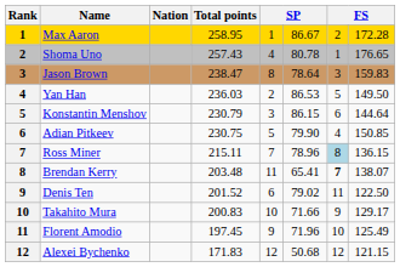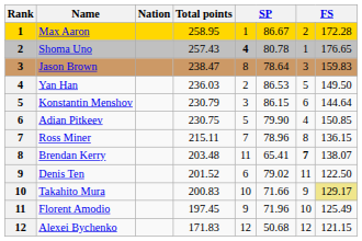 <table class="wikitable sortable">
 <tr>
 <th>Rank</th>
 <th>Name</th>
 <th>Nation</th>
 <th>Total points</th>
 <th colspan="2" width="80px"><a href='#'>SP</a></th>
 <th colspan="2" width="80px"><a href='#'>FS</a></th>
 </tr>
 <tr bgcolor="gold">
 <td align="center"><strong>1</strong></td>
 <td><a href='#'>Max Aaron</a></td>
 <td></td>
 <td align="center">258.95</td>
 <td align="center">1</td>
 <td align="center">86.67</td>
 <td align="center">2</td>
 <td align="center">172.28</td>
 </tr>
 <tr bgcolor="silver">
 <td align="center"><strong>2</strong></td>
 <td><a href='#'>Shoma Uno</a></td>
 <td></td>
 <td align="center">257.43</td>
-<td align="center">4</td>
+<td align="center"><strong>4</strong></td>
 <td align="center">80.78</td>
 <td align="center">1</td>
 <td align="center">176.65</td>
 </tr>
 <tr bgcolor="cc9966">
 <td align="center"><strong>3</strong></td>
 <td><a href='#'>Jason Brown</a></td>
 <td></td>
 <td align="center">238.47</td>
 <td align="center">8</td>
 <td align="center">78.64</td>
 <td align="center">3</td>
 <td align="center">159.83</td>
 </tr>
 <tr>
 <th>4</th>
 <td><a href='#'>Yan Han</a></td>
 <td></td>
 <td align="center">236.03</td>
 <td align="center">2</td>
 <td align="center">86.53</td>
 <td align="center">5</td>
 <td align="center">149.50</td>
 </tr>
 <tr>
 <th>5</th>
 <td><a href='#'>Konstantin Menshov</a></td>
 <td></td>
 <td align="center">230.79</td>
 <td align="center">3</td>
 <td align="center">86.15</td>
 <td align="center">6</td>
 <td align="center">144.64</td>
 </tr>
 <tr>
 <th>6</th>
 <td><a href='#'>Adian Pitkeev</a></td>
 <td></td>
 <td align="center">230.75</td>
 <td align="center">5</td>
 <td align="center">79.90</td>
 <td align="center">4</td>
 <td align="center">150.85</td>
 </tr>
 <tr>
 <th>7</th>
 <td><a href='#'>Ross Miner</a></td>
 <td></td>
 <td align="center">215.11</td>
 <td align="center">7</td>
 <td align="center">78.96</td>
-<td align="center" style="background: lightblue;">8</td>
+<td align="center">8</td>
 <td align="center">136.15</td>
 </tr>
 <tr>
 <th>8</th>
 <td><a href='#'>Brendan Kerry</a></td>
 <td></td>
 <td align="center">203.48</td>
 <td align="center">11</td>
 <td align="center">65.41</td>
 <td align="center"><strong>7</strong></td>
 <td align="center">138.07</td>
 </tr>
 <tr>
 <th>9</th>
 <td><a href='#'>Denis Ten</a></td>
 <td></td>
 <td align="center">201.52</td>
 <td align="center">6</td>
 <td align="center">79.02</td>
 <td align="center">11</td>
 <td align="center">122.50</td>
 </tr>
 <tr>
 <th>10</th>
 <td><a href='#'>Takahito Mura</a></td>
 <td></td>
 <td align="center">200.83</td>
 <td align="center">10</td>
 <td align="center">71.66</td>
 <td align="center">9</td>
-<td align="center">129.17</td>
+<td align="center" style="background: khaki;">129.17</td>
 </tr>
 <tr>
 <th>11</th>
 <td><a href='#'>Florent Amodio</a></td>
 <td></td>
 <td align="center">197.45</td>
 <td align="center">9</td>
 <td align="center">71.96</td>
 <td align="center">10</td>
 <td align="center">125.49</td>
 </tr>
 <tr>
 <th>12</th>
 <td><a href='#'>Alexei Bychenko</a></td>
 <td></td>
 <td align="center">171.83</td>
 <td align="center">12</td>
 <td align="center">50.68</td>
 <td align="center">12</td>
 <td align="center">121.15</td>
 </tr>
 </table>
